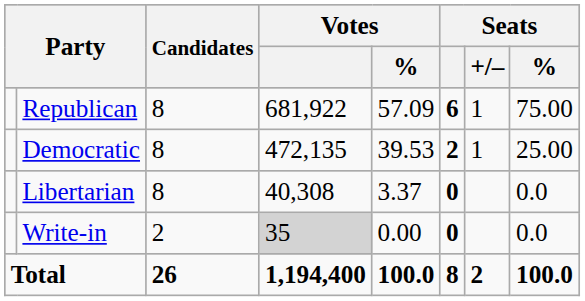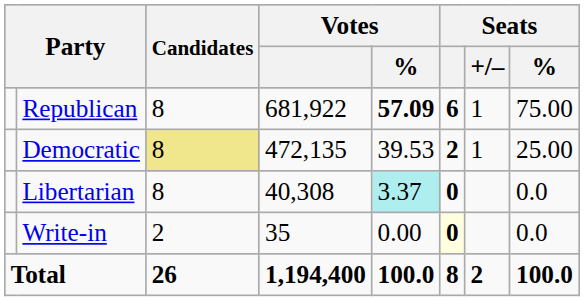 <table class="wikitable" style="font-size: 95%;">
 <tr>
 <th colspan="2" rowspan="2">Party</th>
 <th rowspan="2"><small>Candi</small><small>dates</small></th>
 <th colspan="2">Votes</th>
 <th colspan="3">Seats</th>
 </tr>
 <tr>
 <th></th>
 <th>%</th>
 <th></th>
 <th>+/–</th>
 <th>%</th>
 </tr>
 <tr>
 <td style="background:"></td>
 <td align="left"><a href='#'>Republican</a></td>
 <td>8</td>
 <td>681,922</td>
-<td>57.09</td>
+<td><strong>57.09</strong></td>
 <td><strong>6</strong></td>
 <td> 1</td>
 <td>75.00</td>
 </tr>
 <tr>
 <td style="background:"></td>
 <td align="left"><a href='#'>Democratic</a></td>
-<td>8</td>
+<td style="background: khaki;">8</td>
 <td>472,135</td>
 <td>39.53</td>
 <td><strong>2</strong></td>
 <td> 1</td>
 <td>25.00</td>
 </tr>
 <tr>
 <td style="background:"></td>
 <td align="left"><a href='#'>Libertarian</a></td>
 <td>8</td>
 <td>40,308</td>
-<td>3.37</td>
+<td style="background: paleturquoise;">3.37</td>
 <td><strong>0</strong></td>
 <td></td>
 <td>0.0</td>
 </tr>
 <tr>
 <td style="background:"></td>
 <td align="left"><a href='#'>Write-in</a></td>
 <td>2</td>
-<td style="background: lightgrey;">35</td>
+<td>35</td>
 <td>0.00</td>
-<td><strong>0</strong></td>
+<td style="background: lightyellow;"><strong>0</strong></td>
 <td></td>
 <td>0.0</td>
 </tr>
 <tr style="font-weight:bold">
 <td colspan="2" align="left">Total</td>
 <td>26</td>
 <td>1,194,400</td>
 <td>100.0</td>
 <td>8</td>
 <td> 2</td>
 <td>100.0</td>
 </tr>
 </table>
